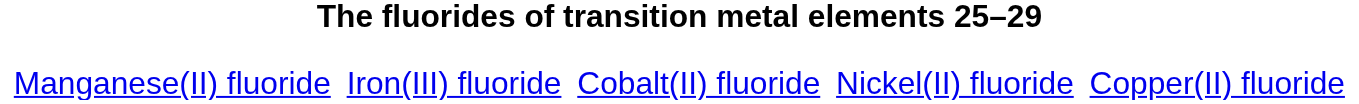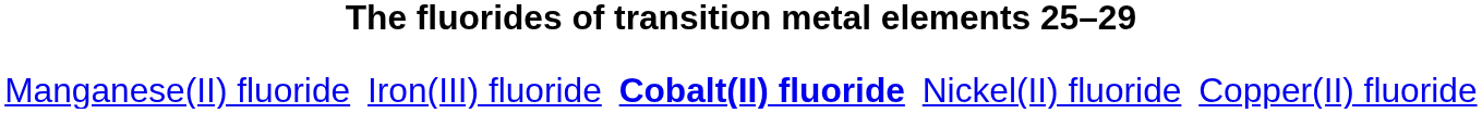 <table cellpadding="3" style="margin:1em auto 1em auto; text-align:center">
 <tr>
 <td colspan="5" style="text-align:center;"><strong>The fluorides of transition metal elements 25–29</strong></td>
 </tr>
 <tr>
 <td></td>
 <td></td>
 <td></td>
 <td></td>
 <td></td>
 </tr>
 <tr style="text-align:center;">
 <td><a href='#'>Manganese(II) fluoride</a></td>
 <td><a href='#'>Iron(III) fluoride</a></td>
-<td><a href='#'>Cobalt(II) fluoride</a></td>
+<td><strong><a href='#'>Cobalt(II) fluoride</a></strong></td>
 <td><a href='#'>Nickel(II) fluoride</a></td>
 <td><a href='#'>Copper(II) fluoride</a></td>
 </tr>
 </table>
